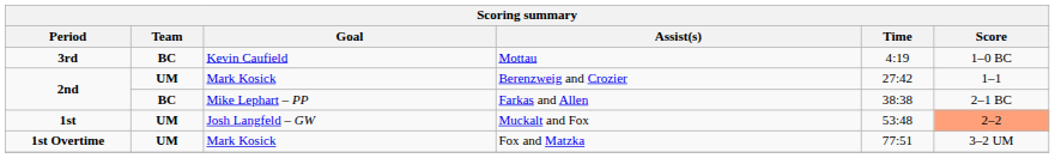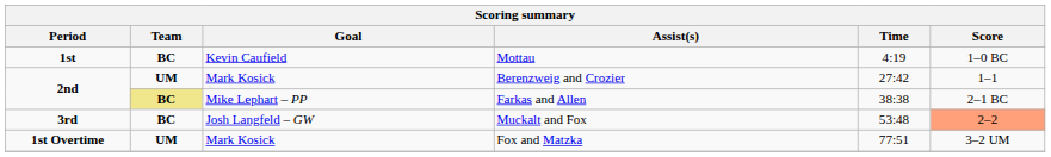 <table style="width:100%;" class="wikitable">
 <tr>
 <th colspan=6>Scoring summary</th>
 </tr>
 <tr>
 <th style="width:12%;">Period</th>
 <th style="width:7%;">Team</th>
 <th style="width:28%;">Goal</th>
 <th style="width:35%;">Assist(s)</th>
 <th style="width:7%;">Time</th>
 <th style="width:11%;">Score</th>
 </tr>
 <tr>
-<td align=center><strong>3rd</strong></td>
+<td align=center><strong>1st</strong></td>
 <td align=center><strong>BC</strong></td>
 <td><a href='#'>Kevin Caufield</a></td>
 <td><a href='#'>Mottau</a></td>
 <td align=center>4:19</td>
 <td align=center>1–0 BC</td>
 </tr>
 <tr>
 <td style="text-align:center;" rowspan="2"><strong>2nd</strong></td>
 <td align=center><strong>UM</strong></td>
 <td><a href='#'>Mark Kosick</a></td>
 <td><a href='#'>Berenzweig</a> and <a href='#'>Crozier</a></td>
 <td align=center>27:42</td>
 <td align=center>1–1</td>
 </tr>
 <tr>
-<td align=center><strong>BC</strong></td>
+<td align=center style="background: khaki;"><strong>BC</strong></td>
 <td><a href='#'>Mike Lephart</a> – <em>PP</em></td>
 <td><a href='#'>Farkas</a> and <a href='#'>Allen</a></td>
 <td align=center>38:38</td>
 <td align=center>2–1 BC</td>
 </tr>
 <tr>
-<td align=center><strong>1st</strong></td>
-<td align=center><strong>UM</strong></td>
+<td align=center><strong>3rd</strong></td>
+<td align=center><strong>BC</strong></td>
 <td><a href='#'>Josh Langfeld</a> – <em>GW</em></td>
 <td><a href='#'>Muckalt</a> and Fox</td>
 <td align=center>53:48</td>
 <td align=center style="background: lightsalmon;">2–2</td>
 </tr>
 <tr>
 <td align=center><strong>1st Overtime</strong></td>
 <td align=center><strong>UM</strong></td>
 <td><a href='#'>Mark Kosick</a></td>
 <td>Fox and <a href='#'>Matzka</a></td>
 <td align=center>77:51</td>
 <td align=center>3–2 UM</td>
 </tr>
 <tr>
 </tr>
 </table>
